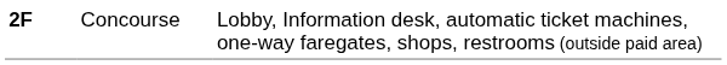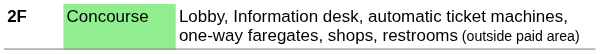 <table table border=0 cellspacing=0 cellpadding=3>
 <tr>
 <td style="border-bottom:solid 1px gray;" width=50 rowspan=10 valign=top><strong>2F</strong></td>
 </tr>
 <tr>
-<td style="border-bottom:solid 1px gray;" width=100 rowspan=1 valign=top>Concourse</td>
+<td style="background: lightgreen; border-bottom:solid 1px gray;" width=100 rowspan=1 valign=top>Concourse</td>
 <td style="border-bottom:solid 1px gray;" width=390 rowspan=1 valign=top>Lobby, Information desk, automatic ticket machines, one-way faregates, shops, restrooms<small> (outside paid area)</small></td>
 </tr>
 </table>
